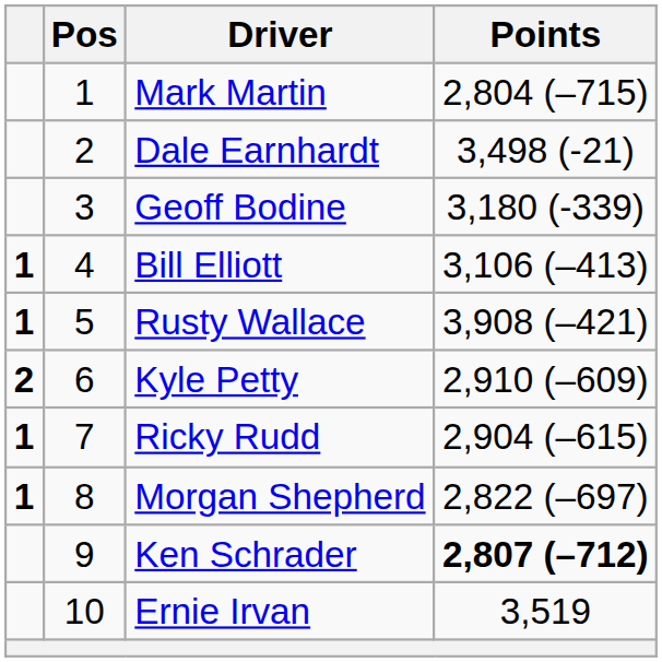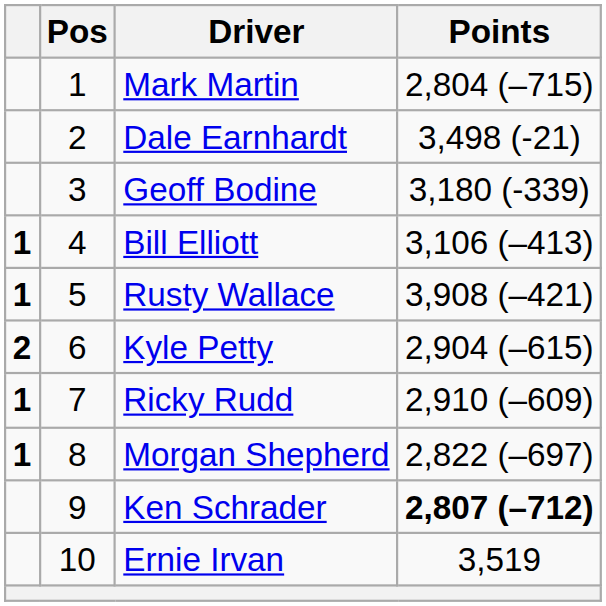 <table class="wikitable" style="font-size: 95%;">
 <tr>
 <th></th>
 <th>Pos</th>
 <th>Driver</th>
 <th>Points</th>
 </tr>
 <tr>
 <td align="left"></td>
 <td style="text-align:center;">1</td>
 <td><a href='#'>Mark Martin</a></td>
 <td style="text-align:center;">2,804 (–715)</td>
 </tr>
 <tr>
 <td align="left"></td>
 <td style="text-align:center;">2</td>
 <td><a href='#'>Dale Earnhardt</a></td>
 <td style="text-align:center;">3,498 (-21)</td>
 </tr>
 <tr>
 <td align="left"></td>
 <td style="text-align:center;">3</td>
 <td><a href='#'>Geoff Bodine</a></td>
 <td style="text-align:center;">3,180 (-339)</td>
 </tr>
 <tr>
 <td align="left">  <strong>1</strong></td>
 <td style="text-align:center;">4</td>
 <td><a href='#'>Bill Elliott</a></td>
 <td style="text-align:center;">3,106 (–413)</td>
 </tr>
 <tr>
 <td align="left">  <strong>1</strong></td>
 <td style="text-align:center;">5</td>
 <td><a href='#'>Rusty Wallace</a></td>
 <td style="text-align:center;">3,908 (–421)</td>
 </tr>
 <tr>
 <td align="left">  <strong>2</strong></td>
 <td style="text-align:center;">6</td>
 <td><a href='#'>Kyle Petty</a></td>
-<td style="text-align:center;">2,910 (–609)</td>
+<td style="text-align:center;">2,904 (–615)</td>
 </tr>
 <tr>
 <td align="left">  <strong>1</strong></td>
 <td style="text-align:center;">7</td>
 <td><a href='#'>Ricky Rudd</a></td>
-<td style="text-align:center;">2,904 (–615)</td>
+<td style="text-align:center;">2,910 (–609)</td>
 </tr>
 <tr>
 <td align="left">  <strong>1</strong></td>
 <td style="text-align:center;">8</td>
 <td><a href='#'>Morgan Shepherd</a></td>
 <td style="text-align:center;">2,822 (–697)</td>
 </tr>
 <tr>
 <td align="left"></td>
 <td style="text-align:center;">9</td>
 <td><a href='#'>Ken Schrader</a></td>
 <td style="text-align:center;"><strong>2,807 (–712)</strong></td>
 </tr>
 <tr>
 <td align="left"></td>
 <td style="text-align:center;">10</td>
 <td><a href='#'>Ernie Irvan</a></td>
 <td style="text-align:center;">3,519</td>
 </tr>
 <tr class="sortbottom">
 <th colspan="9"></th>
 </tr>
 </table>
